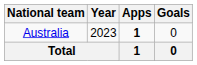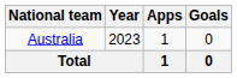 <table class="wikitable" style="text-align:center">
 <tr>
 <th>National team</th>
 <th>Year</th>
 <th>Apps</th>
 <th>Goals</th>
 </tr>
 <tr>
 <td rowspan=1><a href='#'>Australia</a></td>
 <td>2023</td>
-<td><strong>1</strong></td>
+<td>1</td>
 <td>0</td>
 </tr>
 <tr>
 <th colspan=2>Total</th>
 <th>1</th>
 <th>0</th>
 </tr>
 </table>
